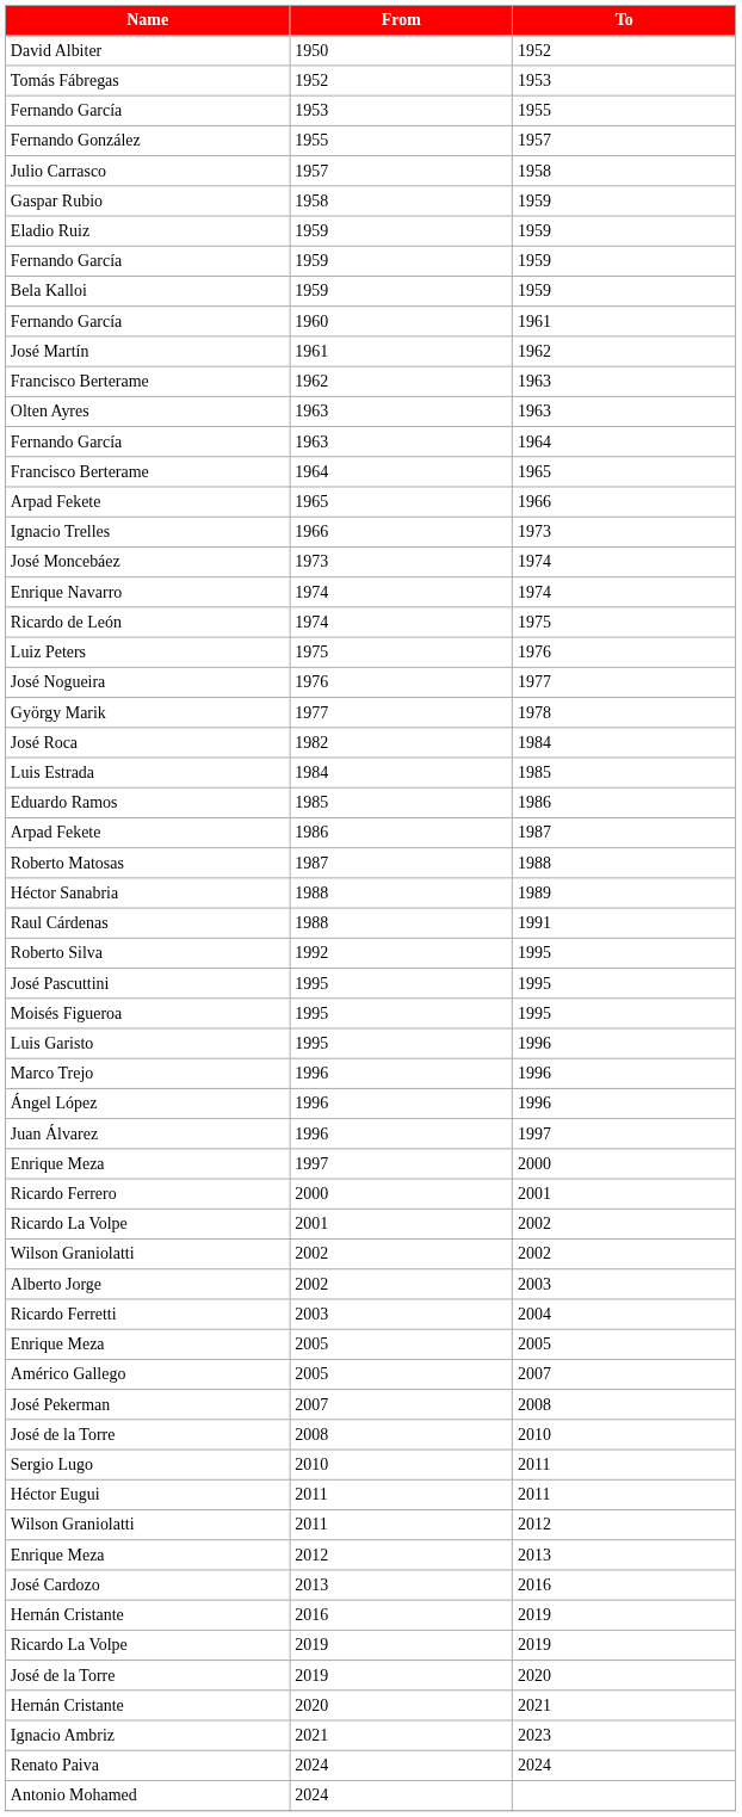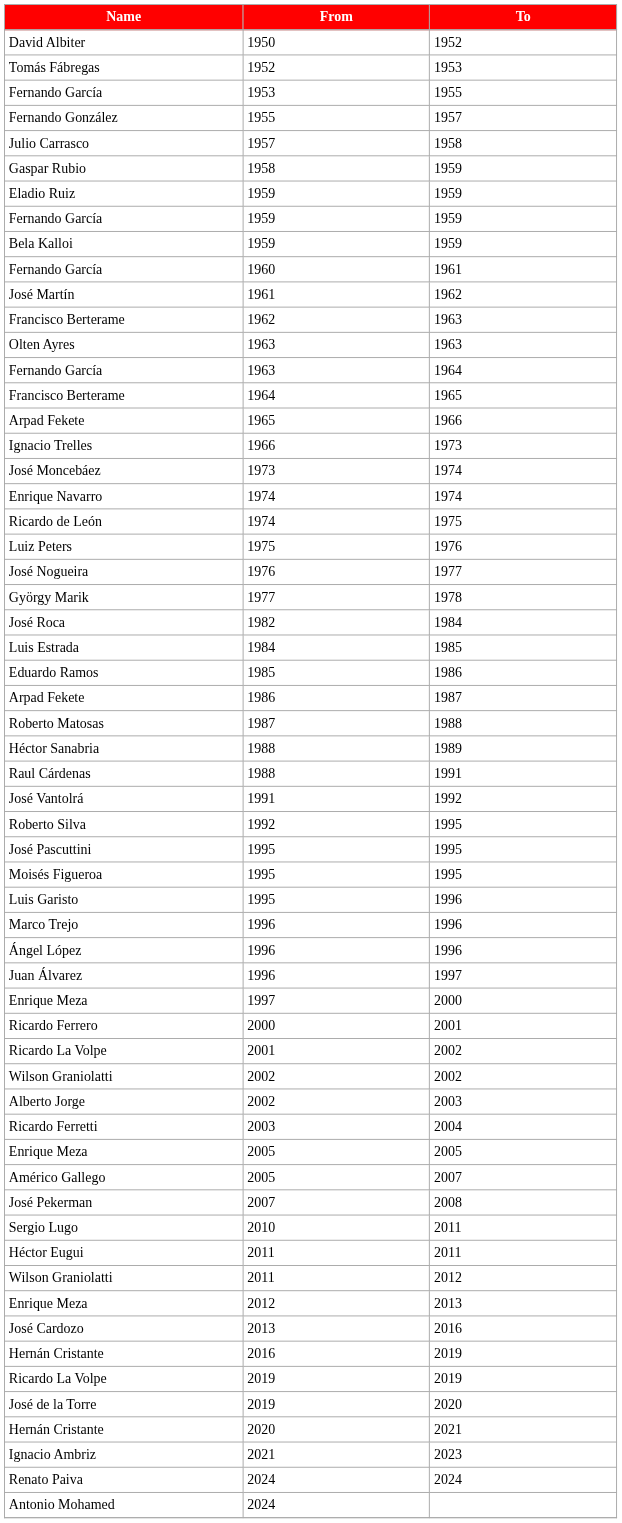 <table cellpadding="4" border=1 cellspacing="0" style="margin: 0.5em 1em 0.5em 0; LightSkyBlue: #f9f9f9; border: 1px #aaa solid; border-collapse: collapse; font-size: 90%;" width=50%width=100%>
 <tr align=center bgcolor=#FF0000 style="color:white; border: 1px #aaa solid;">
 <th width="50">Name</th>
 <th width="50">From</th>
 <th width="50">To</th>
 </tr>
 <tr align=center>
 </tr>
 <tr>
 <td> David Albiter</td>
 <td align=left>1950</td>
 <td align=left>1952</td>
 </tr>
 <tr>
 <td> Tomás Fábregas</td>
 <td align=left>1952</td>
 <td align=left>1953</td>
 </tr>
 <tr>
 <td> Fernando García</td>
 <td align=left>1953</td>
 <td align=left>1955</td>
 </tr>
 <tr>
 <td> Fernando González</td>
 <td align=left>1955</td>
 <td align=left>1957</td>
 </tr>
 <tr>
 <td> Julio Carrasco</td>
 <td align=left>1957</td>
 <td align=left>1958</td>
 </tr>
 <tr>
 <td> Gaspar Rubio</td>
 <td align=left>1958</td>
 <td align=left>1959</td>
 </tr>
 <tr>
 <td> Eladio Ruiz</td>
 <td align=left>1959</td>
 <td align=left>1959</td>
 </tr>
 <tr>
 <td> Fernando García</td>
 <td align=left>1959</td>
 <td align=left>1959</td>
 </tr>
 <tr>
 <td> Bela Kalloi</td>
 <td align=left>1959</td>
 <td align=left>1959</td>
 </tr>
 <tr>
 <td> Fernando García</td>
 <td align=left>1960</td>
 <td align=left>1961</td>
 </tr>
 <tr>
 <td> José Martín</td>
 <td align=left>1961</td>
 <td align=left>1962</td>
 </tr>
 <tr>
 <td> Francisco Berterame</td>
 <td align=left>1962</td>
 <td align=left>1963</td>
 </tr>
 <tr>
 <td> Olten Ayres</td>
 <td align=left>1963</td>
 <td align=left>1963</td>
 </tr>
 <tr>
 <td> Fernando García</td>
 <td align=left>1963</td>
 <td align=left>1964</td>
 </tr>
 <tr>
 <td> Francisco Berterame</td>
 <td align=left>1964</td>
 <td align=left>1965</td>
 </tr>
 <tr>
 <td> Arpad Fekete</td>
 <td align=left>1965</td>
 <td align=left>1966</td>
 </tr>
 <tr>
 <td> Ignacio Trelles</td>
 <td align=left>1966</td>
 <td align=left>1973</td>
 </tr>
 <tr>
 <td> José Moncebáez</td>
 <td align=left>1973</td>
 <td align=left>1974</td>
 </tr>
 <tr>
 <td> Enrique Navarro</td>
 <td align=left>1974</td>
 <td align=left>1974</td>
 </tr>
 <tr>
 <td> Ricardo de León</td>
 <td align=left>1974</td>
 <td align=left>1975</td>
 </tr>
 <tr>
 <td> Luiz Peters</td>
 <td align=left>1975</td>
 <td align=left>1976</td>
 </tr>
 <tr>
 <td> José Nogueira</td>
 <td align=left>1976</td>
 <td align=left>1977</td>
 </tr>
 <tr>
 <td> György Marik</td>
 <td align=left>1977</td>
 <td align=left>1978</td>
 </tr>
 <tr>
 <td> José Roca</td>
 <td align=left>1982</td>
 <td align=left>1984</td>
 </tr>
 <tr>
 <td> Luis Estrada</td>
 <td align=left>1984</td>
 <td align=left>1985</td>
 </tr>
 <tr>
 <td> Eduardo Ramos</td>
 <td align=left>1985</td>
 <td align=left>1986</td>
 </tr>
 <tr>
 <td> Arpad Fekete</td>
 <td align=left>1986</td>
 <td align=left>1987</td>
 </tr>
 <tr>
 <td> Roberto Matosas</td>
 <td align=left>1987</td>
 <td align=left>1988</td>
 </tr>
 <tr>
 <td> Héctor Sanabria</td>
 <td align=left>1988</td>
 <td align=left>1989</td>
 </tr>
 <tr>
 <td> Raul Cárdenas</td>
 <td align=left>1988</td>
 <td align=left>1991</td>
 </tr>
 <tr>
+<td> José Vantolrá</td>
+<td align=left>1991</td>
+<td align=left>1992</td>
+</tr>
+<tr>
 <td> Roberto Silva</td>
 <td align=left>1992</td>
 <td align=left>1995</td>
 </tr>
 <tr>
 <td> José Pascuttini</td>
 <td align=left>1995</td>
 <td align=left>1995</td>
 </tr>
 <tr>
 <td> Moisés Figueroa</td>
 <td align=left>1995</td>
 <td align=left>1995</td>
 </tr>
 <tr>
 <td> Luis Garisto</td>
 <td align=left>1995</td>
 <td align=left>1996</td>
 </tr>
 <tr>
 <td> Marco Trejo</td>
 <td align=left>1996</td>
 <td align=left>1996</td>
 </tr>
 <tr>
 <td> Ángel López</td>
 <td align=left>1996</td>
 <td align=left>1996</td>
 </tr>
 <tr>
 <td> Juan Álvarez</td>
 <td align=left>1996</td>
 <td align=left>1997</td>
 </tr>
 <tr>
 <td> Enrique Meza</td>
 <td align=left>1997</td>
 <td align=left>2000</td>
 </tr>
 <tr>
 <td> Ricardo Ferrero</td>
 <td align=left>2000</td>
 <td align=left>2001</td>
 </tr>
 <tr>
 <td> Ricardo La Volpe</td>
 <td align=left>2001</td>
 <td align=left>2002</td>
 </tr>
 <tr>
 <td> Wilson Graniolatti</td>
 <td align=left>2002</td>
 <td align=left>2002</td>
 </tr>
 <tr>
 <td> Alberto Jorge</td>
 <td align=left>2002</td>
 <td align=left>2003</td>
 </tr>
 <tr>
 <td> Ricardo Ferretti</td>
 <td align=left>2003</td>
 <td align=left>2004</td>
 </tr>
 <tr>
 <td> Enrique Meza</td>
 <td align=left>2005</td>
 <td align=left>2005</td>
 </tr>
 <tr>
 <td> Américo Gallego</td>
 <td align=left>2005</td>
 <td align=left>2007</td>
 </tr>
 <tr>
 <td> José Pekerman</td>
 <td align=left>2007</td>
 <td align=left>2008</td>
 </tr>
 <tr>
-<td> José de la Torre</td>
-<td align=left>2008</td>
-<td align=left>2010</td>
-</tr>
-<tr>
 <td> Sergio Lugo</td>
 <td align=left>2010</td>
 <td align=left>2011</td>
 </tr>
 <tr>
 <td> Héctor Eugui</td>
 <td aling=left>2011</td>
 <td aling=left>2011</td>
 </tr>
 <tr>
 <td> Wilson Graniolatti</td>
 <td align=left>2011</td>
 <td align=left>2012</td>
 </tr>
 <tr>
 <td> Enrique Meza</td>
 <td align=left>2012</td>
 <td align=left>2013</td>
 </tr>
 <tr>
 <td> José Cardozo</td>
 <td align=left>2013</td>
 <td align=left>2016</td>
 </tr>
 <tr>
 <td> Hernán Cristante</td>
 <td align=left>2016</td>
 <td align=left>2019</td>
 </tr>
 <tr>
 <td> Ricardo La Volpe</td>
 <td align=left>2019</td>
 <td align=left>2019</td>
 </tr>
 <tr>
 <td> José de la Torre</td>
 <td align=left>2019</td>
 <td align=left>2020</td>
 </tr>
 <tr>
 <td> Hernán Cristante</td>
 <td align=left>2020</td>
 <td align=left>2021</td>
 </tr>
 <tr>
 <td> Ignacio Ambriz</td>
 <td align=left>2021</td>
 <td align=left>2023</td>
 </tr>
 <tr>
 <td> Renato Paiva</td>
 <td align=left>2024</td>
 <td align=left>2024</td>
 </tr>
 <tr>
 <td> Antonio Mohamed</td>
 <td align=left>2024</td>
 <td align=left></td>
 </tr>
 <tr>
 </tr>
 </table>
